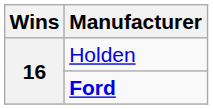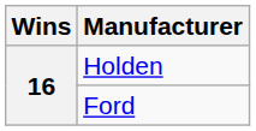 <table class="wikitable" style="font-size: 95%;">
 <tr>
 <th>Wins</th>
 <th>Manufacturer</th>
 </tr>
 <tr>
 <th rowspan="2">16</th>
 <td><a href='#'>Holden</a></td>
 </tr>
 <tr>
-<td><strong><a href='#'>Ford</a></strong></td>
+<td><a href='#'>Ford</a></td>
 </tr>
 </table>
